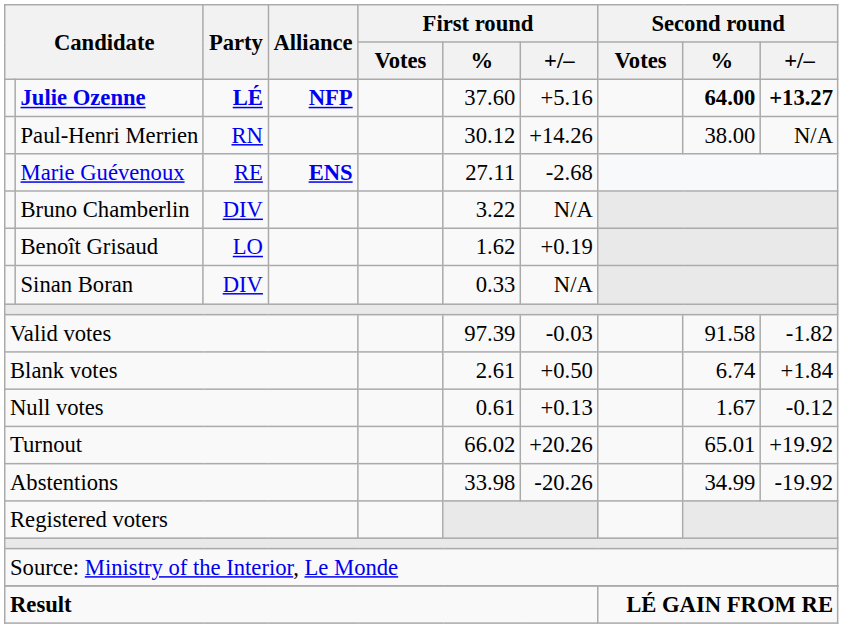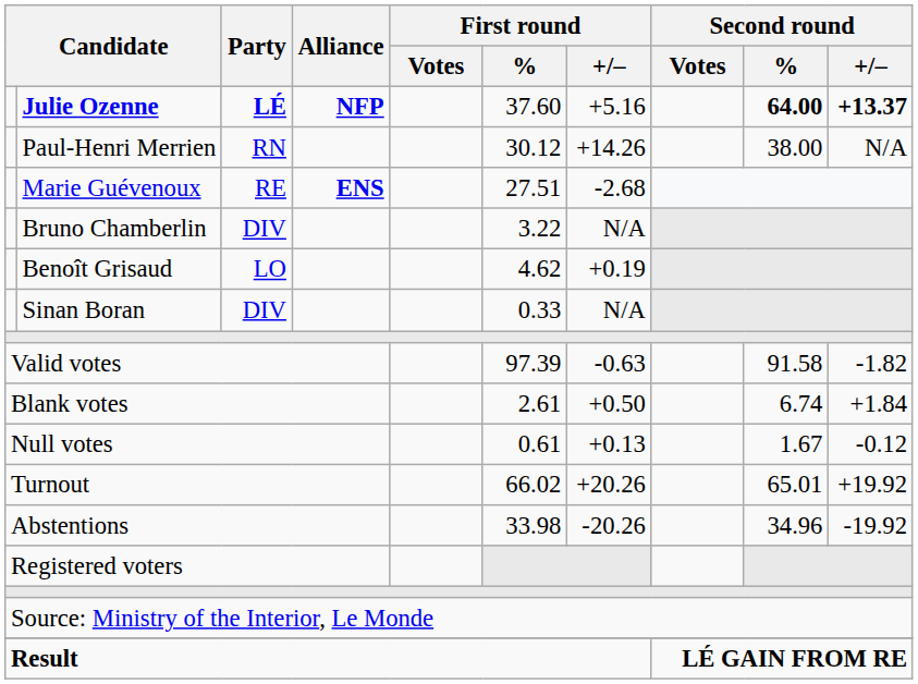 <table class="wikitable" style="text-align:right;font-size:95%;">
 <tr>
 <th rowspan="2" colspan="2">Candidate</th>
 <th rowspan="2">Party</th>
 <th rowspan="2">Alliance</th>
 <th colspan="3">First round</th>
 <th colspan="3">Second round</th>
 </tr>
 <tr>
 <th style="width:50px;">Votes</th>
 <th style="width:45px;">%</th>
 <th style="width:45px;">+/–</th>
 <th style="width:50px;">Votes</th>
 <th style="width:45px;">%</th>
 <th style="width:45px;">+/–</th>
 </tr>
 <tr>
 <td style="color:inherit;background:"></td>
 <td style="text-align:left;"><strong><a href='#'>Julie Ozenne</a></strong></td>
 <td><a href='#'><strong>LÉ</strong></a></td>
 <td><a href='#'><strong>NFP</strong></a></td>
 <td></td>
 <td>37.60</td>
 <td>+5.16</td>
 <td><strong></strong></td>
 <td><strong>64.00</strong></td>
-<td><strong>+13.27</strong></td>
+<td><strong>+13.37</strong></td>
 </tr>
 <tr>
 <td style="color:inherit;background:"></td>
 <td style="text-align:left;">Paul-Henri Merrien</td>
 <td><a href='#'>RN</a></td>
 <td></td>
 <td></td>
 <td>30.12</td>
 <td>+14.26</td>
 <td></td>
 <td>38.00</td>
 <td>N/A</td>
 </tr>
 <tr>
 <td style="color:inherit;background:"></td>
 <td style="text-align:left;"><a href='#'>Marie Guévenoux</a></td>
 <td><a href='#'>RE</a></td>
 <td><strong><a href='#'>ENS</a></strong></td>
 <td></td>
-<td>27.11</td>
+<td>27.51</td>
 <td>-2.68</td>
 <td colspan="3" style="background:#F8F9FA;"></td>
 </tr>
 <tr>
 <td style="color:inherit;background:"></td>
 <td style="text-align:left;">Bruno Chamberlin</td>
 <td><a href='#'>DIV</a></td>
 <td></td>
 <td></td>
 <td>3.22</td>
 <td>N/A</td>
 <td colspan="3" style="background:#E9E9E9;"></td>
 </tr>
 <tr>
 <td style="color:inherit;background:"></td>
 <td style="text-align:left;">Benoît Grisaud</td>
 <td><a href='#'>LO</a></td>
 <td></td>
 <td></td>
-<td>1.62</td>
+<td>4.62</td>
 <td>+0.19</td>
 <td colspan="3" style="background:#E9E9E9;"></td>
 </tr>
 <tr>
 <td style="color:inherit;background:"></td>
 <td style="text-align:left;">Sinan Boran</td>
 <td><a href='#'>DIV</a></td>
 <td></td>
 <td></td>
 <td>0.33</td>
 <td>N/A</td>
 <td colspan="3" style="background:#E9E9E9;"></td>
 </tr>
 <tr>
 <td colspan="10" style="background:#E9E9E9;"></td>
 </tr>
 <tr>
 <td colspan="4" style="text-align:left;">Valid votes</td>
 <td></td>
 <td>97.39</td>
-<td>-0.03</td>
+<td>-0.63</td>
 <td></td>
 <td>91.58</td>
 <td>-1.82</td>
 </tr>
 <tr>
 <td colspan="4" style="text-align:left;">Blank votes</td>
 <td></td>
 <td>2.61</td>
 <td>+0.50</td>
 <td></td>
 <td>6.74</td>
 <td>+1.84</td>
 </tr>
 <tr>
 <td colspan="4" style="text-align:left;">Null votes</td>
 <td></td>
 <td>0.61</td>
 <td>+0.13</td>
 <td></td>
 <td>1.67</td>
 <td>-0.12</td>
 </tr>
 <tr>
 <td colspan="4" style="text-align:left;">Turnout</td>
 <td></td>
 <td>66.02</td>
 <td>+20.26</td>
 <td></td>
 <td>65.01</td>
 <td>+19.92</td>
 </tr>
 <tr>
 <td colspan="4" style="text-align:left;">Abstentions</td>
 <td></td>
 <td>33.98</td>
 <td>-20.26</td>
 <td></td>
-<td>34.99</td>
+<td>34.96</td>
 <td>-19.92</td>
 </tr>
 <tr>
 <td colspan="4" style="text-align:left;">Registered voters</td>
 <td></td>
 <td colspan="2" style="background:#E9E9E9;"></td>
 <td></td>
 <td colspan="2" style="background:#E9E9E9;"></td>
 </tr>
 <tr>
 <td colspan="10" style="background:#E9E9E9;"></td>
 </tr>
 <tr>
 <td colspan="10" style="text-align:left;">Source: <a href='#'>Ministry of the Interior</a>, <a href='#'>Le Monde</a></td>
 </tr>
 <tr>
 </tr>
 <tr style="font-weight:bold">
 <td colspan="7" style="text-align:left;">Result</td>
 <td colspan="7" style="background-color:">LÉ GAIN FROM RE</td>
 </tr>
 </table>
